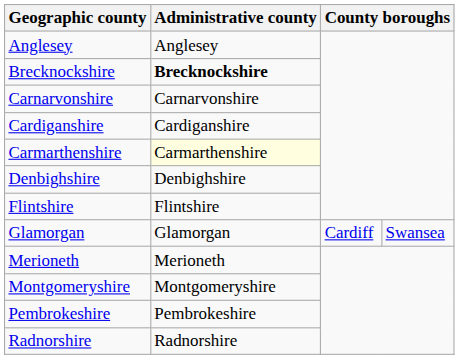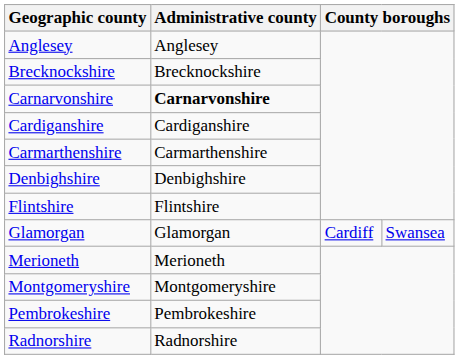 <table class="wikitable">
 <tr>
 <th>Geographic county</th>
 <th>Administrative county</th>
 <th colspan="2">County boroughs</th>
 </tr>
 <tr>
 <td><a href='#'>Anglesey</a></td>
 <td>Anglesey</td>
 </tr>
 <tr>
 <td><a href='#'>Brecknockshire</a></td>
-<td><strong>Brecknockshire</strong></td>
+<td>Brecknockshire</td>
 </tr>
 <tr>
 <td><a href='#'>Carnarvonshire</a></td>
-<td>Carnarvonshire</td>
+<td><strong>Carnarvonshire</strong></td>
 </tr>
 <tr>
 <td><a href='#'>Cardiganshire</a></td>
 <td>Cardiganshire</td>
 </tr>
 <tr>
 <td><a href='#'>Carmarthenshire</a></td>
-<td style="background: lightyellow;">Carmarthenshire</td>
+<td>Carmarthenshire</td>
 </tr>
 <tr>
 <td><a href='#'>Denbighshire</a></td>
 <td>Denbighshire</td>
 </tr>
 <tr>
 <td><a href='#'>Flintshire</a></td>
 <td>Flintshire</td>
 </tr>
 <tr>
 <td><a href='#'>Glamorgan</a></td>
 <td>Glamorgan</td>
 <td><a href='#'>Cardiff</a></td>
 <td><a href='#'>Swansea</a></td>
 </tr>
 <tr>
 <td><a href='#'>Merioneth</a></td>
 <td>Merioneth</td>
 </tr>
 <tr>
 <td><a href='#'>Montgomeryshire</a></td>
 <td>Montgomeryshire</td>
 </tr>
 <tr>
 <td><a href='#'>Pembrokeshire</a></td>
 <td>Pembrokeshire</td>
 </tr>
 <tr>
 <td><a href='#'>Radnorshire</a></td>
 <td>Radnorshire</td>
 </tr>
 </table>
